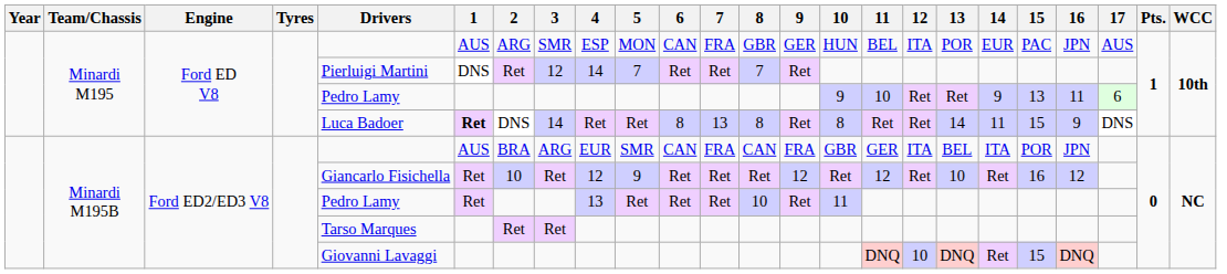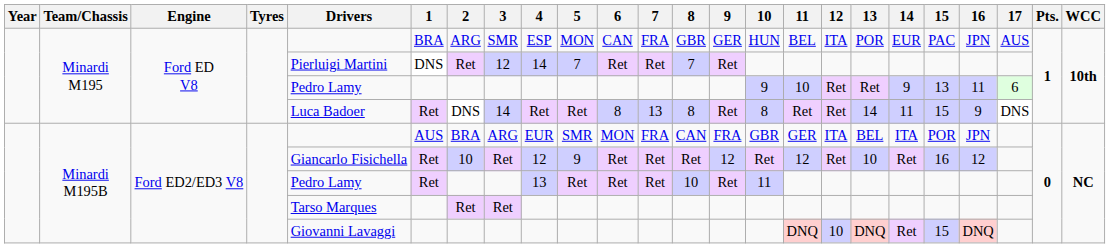 <table class="wikitable" style="text-align:center; font-size:95%">
 <tr>
 <th>Year</th>
 <th>Team/Chassis</th>
 <th>Engine</th>
 <th>Tyres</th>
 <th>Drivers</th>
 <th>1</th>
 <th>2</th>
 <th>3</th>
 <th>4</th>
 <th>5</th>
 <th>6</th>
 <th>7</th>
 <th>8</th>
 <th>9</th>
 <th>10</th>
 <th>11</th>
 <th>12</th>
 <th>13</th>
 <th>14</th>
 <th>15</th>
 <th>16</th>
 <th>17</th>
 <th>Pts.</th>
 <th>WCC</th>
 </tr>
 <tr>
 <td rowspan="4"></td>
 <td rowspan="4"><a href='#'>Minardi</a><br>M195</td>
 <td rowspan="4"><a href='#'>Ford</a> ED<br><a href='#'>V8</a></td>
 <td rowspan="4"></td>
 <td></td>
-<td><a href='#'>AUS</a></td>
+<td><a href='#'>BRA</a></td>
 <td><a href='#'>ARG</a></td>
 <td><a href='#'>SMR</a></td>
 <td><a href='#'>ESP</a></td>
 <td><a href='#'>MON</a></td>
 <td><a href='#'>CAN</a></td>
 <td><a href='#'>FRA</a></td>
 <td><a href='#'>GBR</a></td>
 <td><a href='#'>GER</a></td>
 <td><a href='#'>HUN</a></td>
 <td><a href='#'>BEL</a></td>
 <td><a href='#'>ITA</a></td>
 <td><a href='#'>POR</a></td>
 <td><a href='#'>EUR</a></td>
 <td><a href='#'>PAC</a></td>
 <td><a href='#'>JPN</a></td>
 <td><a href='#'>AUS</a></td>
 <td rowspan="4"><strong>1</strong></td>
 <td rowspan="4"><strong>10th</strong></td>
 </tr>
 <tr>
 <td align="left"><a href='#'>Pierluigi Martini</a></td>
 <td style="background:#ffffff;">DNS</td>
 <td style="background:#efcfff;">Ret</td>
 <td style="background:#cfcfff;">12</td>
 <td style="background:#cfcfff;">14</td>
 <td style="background:#cfcfff;">7</td>
 <td style="background:#efcfff;">Ret</td>
 <td style="background:#efcfff;">Ret</td>
 <td style="background:#cfcfff;">7</td>
 <td style="background:#efcfff;">Ret</td>
 <td></td>
 <td></td>
 <td></td>
 <td></td>
 <td></td>
 <td></td>
 <td></td>
 <td></td>
 </tr>
 <tr>
 <td align="left"><a href='#'>Pedro Lamy</a></td>
 <td></td>
 <td></td>
 <td></td>
 <td></td>
 <td></td>
 <td></td>
 <td></td>
 <td></td>
 <td></td>
 <td style="background:#cfcfff;">9</td>
 <td style="background:#cfcfff;">10</td>
 <td style="background:#efcfff;">Ret</td>
 <td style="background:#efcfff;">Ret</td>
 <td style="background:#cfcfff;">9</td>
 <td style="background:#cfcfff;">13</td>
 <td style="background:#cfcfff;">11</td>
 <td style="background:#dfffdf;">6</td>
 </tr>
 <tr>
 <td align="left"><a href='#'>Luca Badoer</a></td>
-<td style="background:#efcfff;"><strong>Ret</strong></td>
+<td style="background:#efcfff;">Ret</td>
 <td style="background:#ffffff;">DNS</td>
 <td style="background:#cfcfff;">14</td>
 <td style="background:#efcfff;">Ret</td>
 <td style="background:#efcfff;">Ret</td>
 <td style="background:#cfcfff;">8</td>
 <td style="background:#cfcfff;">13</td>
 <td style="background:#cfcfff;">8</td>
 <td style="background:#efcfff;">Ret</td>
 <td style="background:#cfcfff;">8</td>
 <td style="background:#efcfff;">Ret</td>
 <td style="background:#efcfff;">Ret</td>
 <td style="background:#cfcfff;">14</td>
 <td style="background:#cfcfff;">11</td>
 <td style="background:#cfcfff;">15</td>
 <td style="background:#cfcfff;">9</td>
 <td style="background:#ffffff;">DNS</td>
 </tr>
 <tr>
 <td rowspan="5"></td>
 <td rowspan="5"><a href='#'>Minardi</a><br>M195B</td>
 <td rowspan="5"><a href='#'>Ford</a> ED2/ED3 <a href='#'>V8</a></td>
 <td rowspan="5"></td>
 <td></td>
 <td><a href='#'>AUS</a></td>
 <td><a href='#'>BRA</a></td>
 <td><a href='#'>ARG</a></td>
 <td><a href='#'>EUR</a></td>
 <td><a href='#'>SMR</a></td>
-<td><a href='#'>CAN</a></td>
+<td><a href='#'>MON</a></td>
 <td><a href='#'>FRA</a></td>
 <td><a href='#'>CAN</a></td>
 <td><a href='#'>FRA</a></td>
 <td><a href='#'>GBR</a></td>
 <td><a href='#'>GER</a></td>
 <td><a href='#'>ITA</a></td>
 <td><a href='#'>BEL</a></td>
 <td><a href='#'>ITA</a></td>
 <td><a href='#'>POR</a></td>
 <td><a href='#'>JPN</a></td>
 <td></td>
 <td rowspan="5"><strong>0</strong></td>
 <td rowspan="5"><strong>NC</strong></td>
 </tr>
 <tr>
 <td align="left"><a href='#'>Giancarlo Fisichella</a></td>
 <td style="background:#efcfff;">Ret</td>
 <td style="background:#cfcfff;">10</td>
 <td style="background:#efcfff;">Ret</td>
 <td style="background:#cfcfff;">12</td>
 <td style="background:#cfcfff;">9</td>
 <td style="background:#efcfff;">Ret</td>
 <td style="background:#efcfff;">Ret</td>
 <td style="background:#efcfff;">Ret</td>
 <td style="background:#cfcfff;">12</td>
 <td style="background:#efcfff;">Ret</td>
 <td style="background:#cfcfff;">12</td>
 <td style="background:#efcfff;">Ret</td>
 <td style="background:#cfcfff;">10</td>
 <td style="background:#efcfff;">Ret</td>
 <td style="background:#cfcfff;">16</td>
 <td style="background:#cfcfff;">12</td>
 <td></td>
 </tr>
 <tr>
 <td align="left"><a href='#'>Pedro Lamy</a></td>
 <td style="background:#efcfff;">Ret</td>
 <td></td>
 <td></td>
 <td style="background:#cfcfff;">13</td>
 <td style="background:#efcfff;">Ret</td>
 <td style="background:#efcfff;">Ret</td>
 <td style="background:#efcfff;">Ret</td>
 <td style="background:#cfcfff;">10</td>
 <td style="background:#efcfff;">Ret</td>
 <td style="background:#cfcfff;">11</td>
 <td></td>
 <td></td>
 <td></td>
 <td></td>
 <td></td>
 <td></td>
 <td></td>
 </tr>
 <tr>
 <td align="left"><a href='#'>Tarso Marques</a></td>
 <td></td>
 <td style="background:#efcfff;">Ret</td>
 <td style="background:#efcfff;">Ret</td>
 <td></td>
 <td></td>
 <td></td>
 <td></td>
 <td></td>
 <td></td>
 <td></td>
 <td></td>
 <td></td>
 <td></td>
 <td></td>
 <td></td>
 <td></td>
 <td></td>
 </tr>
 <tr>
 <td align="left"><a href='#'>Giovanni Lavaggi</a></td>
 <td></td>
 <td></td>
 <td></td>
 <td></td>
 <td></td>
 <td></td>
 <td></td>
 <td></td>
 <td></td>
 <td></td>
 <td style="background:#ffcfcf;">DNQ</td>
 <td style="background:#cfcfff;">10</td>
 <td style="background:#ffcfcf;">DNQ</td>
 <td style="background:#efcfff;">Ret</td>
 <td style="background:#cfcfff;">15</td>
 <td style="background:#ffcfcf;">DNQ</td>
 <td></td>
 </tr>
 </table>
